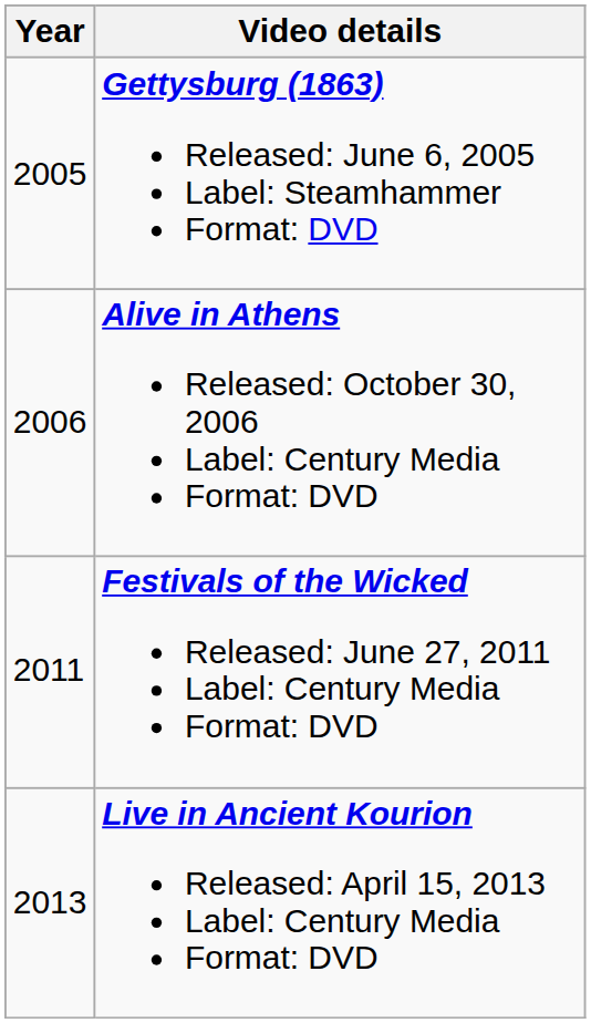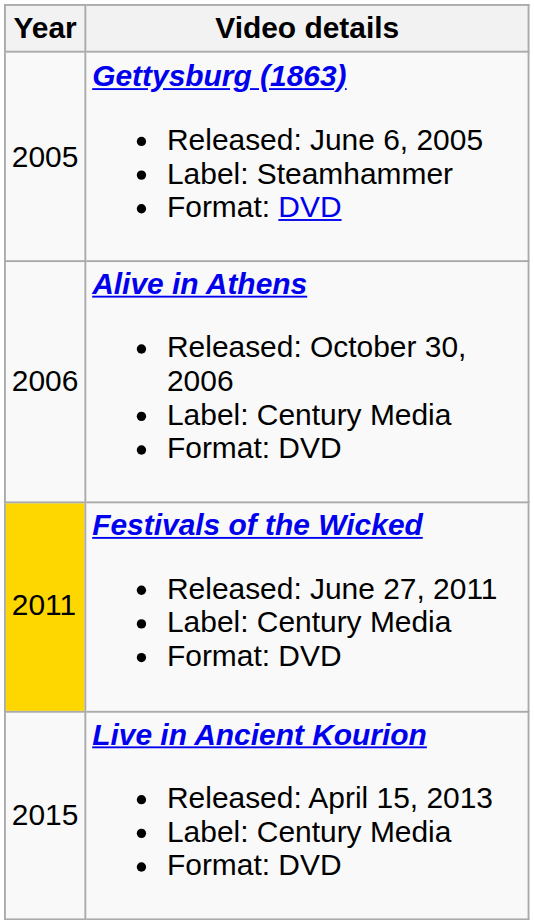 <table class="wikitable" border="1">
 <tr>
 <th>Year</th>
 <th width="230">Video details</th>
 </tr>
 <tr>
 <td>2005</td>
 <td><strong><em><a href='#'>Gettysburg (1863)</a></em></strong><br><ul><li>Released: June 6, 2005</li><li>Label: Steamhammer</li><li>Format: <a href='#'>DVD</a></li></ul></td>
 </tr>
 <tr>
 <td>2006</td>
 <td><strong><em><a href='#'>Alive in Athens</a></em></strong><br><ul><li>Released: October 30, 2006</li><li>Label: Century Media</li><li>Format: DVD</li></ul></td>
 </tr>
 <tr>
-<td>2011</td>
+<td style="background: gold;">2011</td>
 <td><strong><em><a href='#'>Festivals of the Wicked</a></em></strong><br><ul><li>Released: June 27, 2011</li><li>Label: Century Media</li><li>Format: DVD</li></ul></td>
 </tr>
 <tr>
-<td>2013</td>
+<td>2015</td>
 <td><strong><em><a href='#'>Live in Ancient Kourion</a></em></strong><br><ul><li>Released: April 15, 2013</li><li>Label: Century Media</li><li>Format: DVD</li></ul></td>
 </tr>
 </table>
